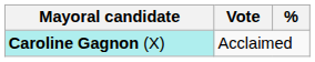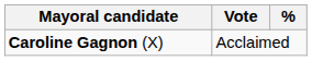 <table class="wikitable">
 <tr>
 <th bgcolor="#DDDDFF" width="200px">Mayoral candidate</th>
 <th bgcolor="#DDDDFF" width="50px">Vote</th>
 <th bgcolor="#DDDDFF" width="30px">%</th>
 </tr>
 <tr>
-<td style="background: paleturquoise;"><strong>Caroline Gagnon</strong> (X)</td>
+<td><strong>Caroline Gagnon</strong> (X)</td>
 <td colspan="2">Acclaimed</td>
 </tr>
 </table>
